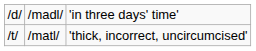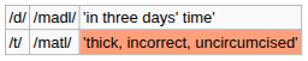 <table class="wikitable">
 <tr>
 <td>/d/</td>
 <td>/madl/</td>
 <td>'in three days' time'</td>
 </tr>
 <tr>
 <td>/t/</td>
 <td>/matl/</td>
-<td>'thick, incorrect, uncircumcised'</td>
+<td style="background: lightsalmon;">'thick, incorrect, uncircumcised'</td>
 </tr>
 </table>
